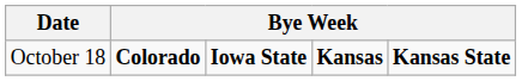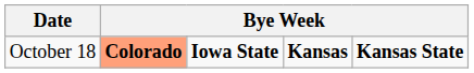 <table class="wikitable" style="font-size:95%;">
 <tr>
 <th>Date</th>
 <th colspan="4">Bye Week</th>
 </tr>
 <tr>
 <td>October 18</td>
-<td><strong>Colorado</strong></td>
+<td style="background: lightsalmon;"><strong>Colorado</strong></td>
 <td><strong>Iowa State</strong></td>
 <td><strong>Kansas</strong></td>
 <td><strong>Kansas State</strong></td>
 </tr>
 </table>
